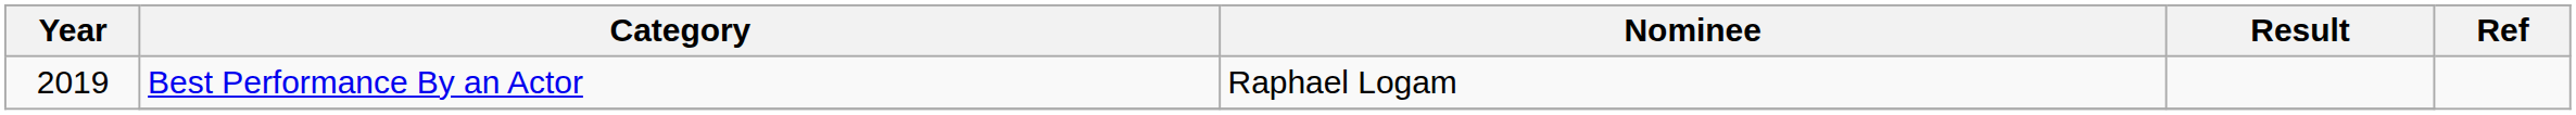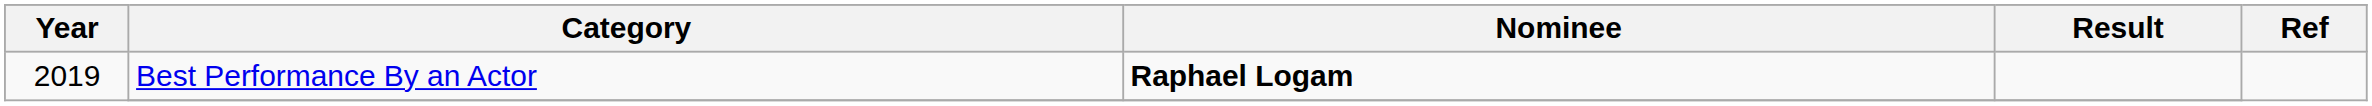 <table class="wikitable sortable plainrowheaders" style="width:100%;">
 <tr>
 <th scope="col" width="5%">Year</th>
 <th scope="col" width="40%">Category</th>
 <th scope="col" width="35%">Nominee</th>
 <th scope="col" width="10%">Result</th>
 <th scope="col" width="5%">Ref</th>
 </tr>
 <tr>
 <td rowspan=12, style="text-align:center;">2019</td>
 <td><a href='#'>Best Performance By an Actor</a></td>
-<td>Raphael Logam</td>
+<td><strong>Raphael Logam</strong></td>
 <td></td>
 <td align="center" rowspan="12"></td>
 </tr>
 <tr>
 </tr>
 </table>
